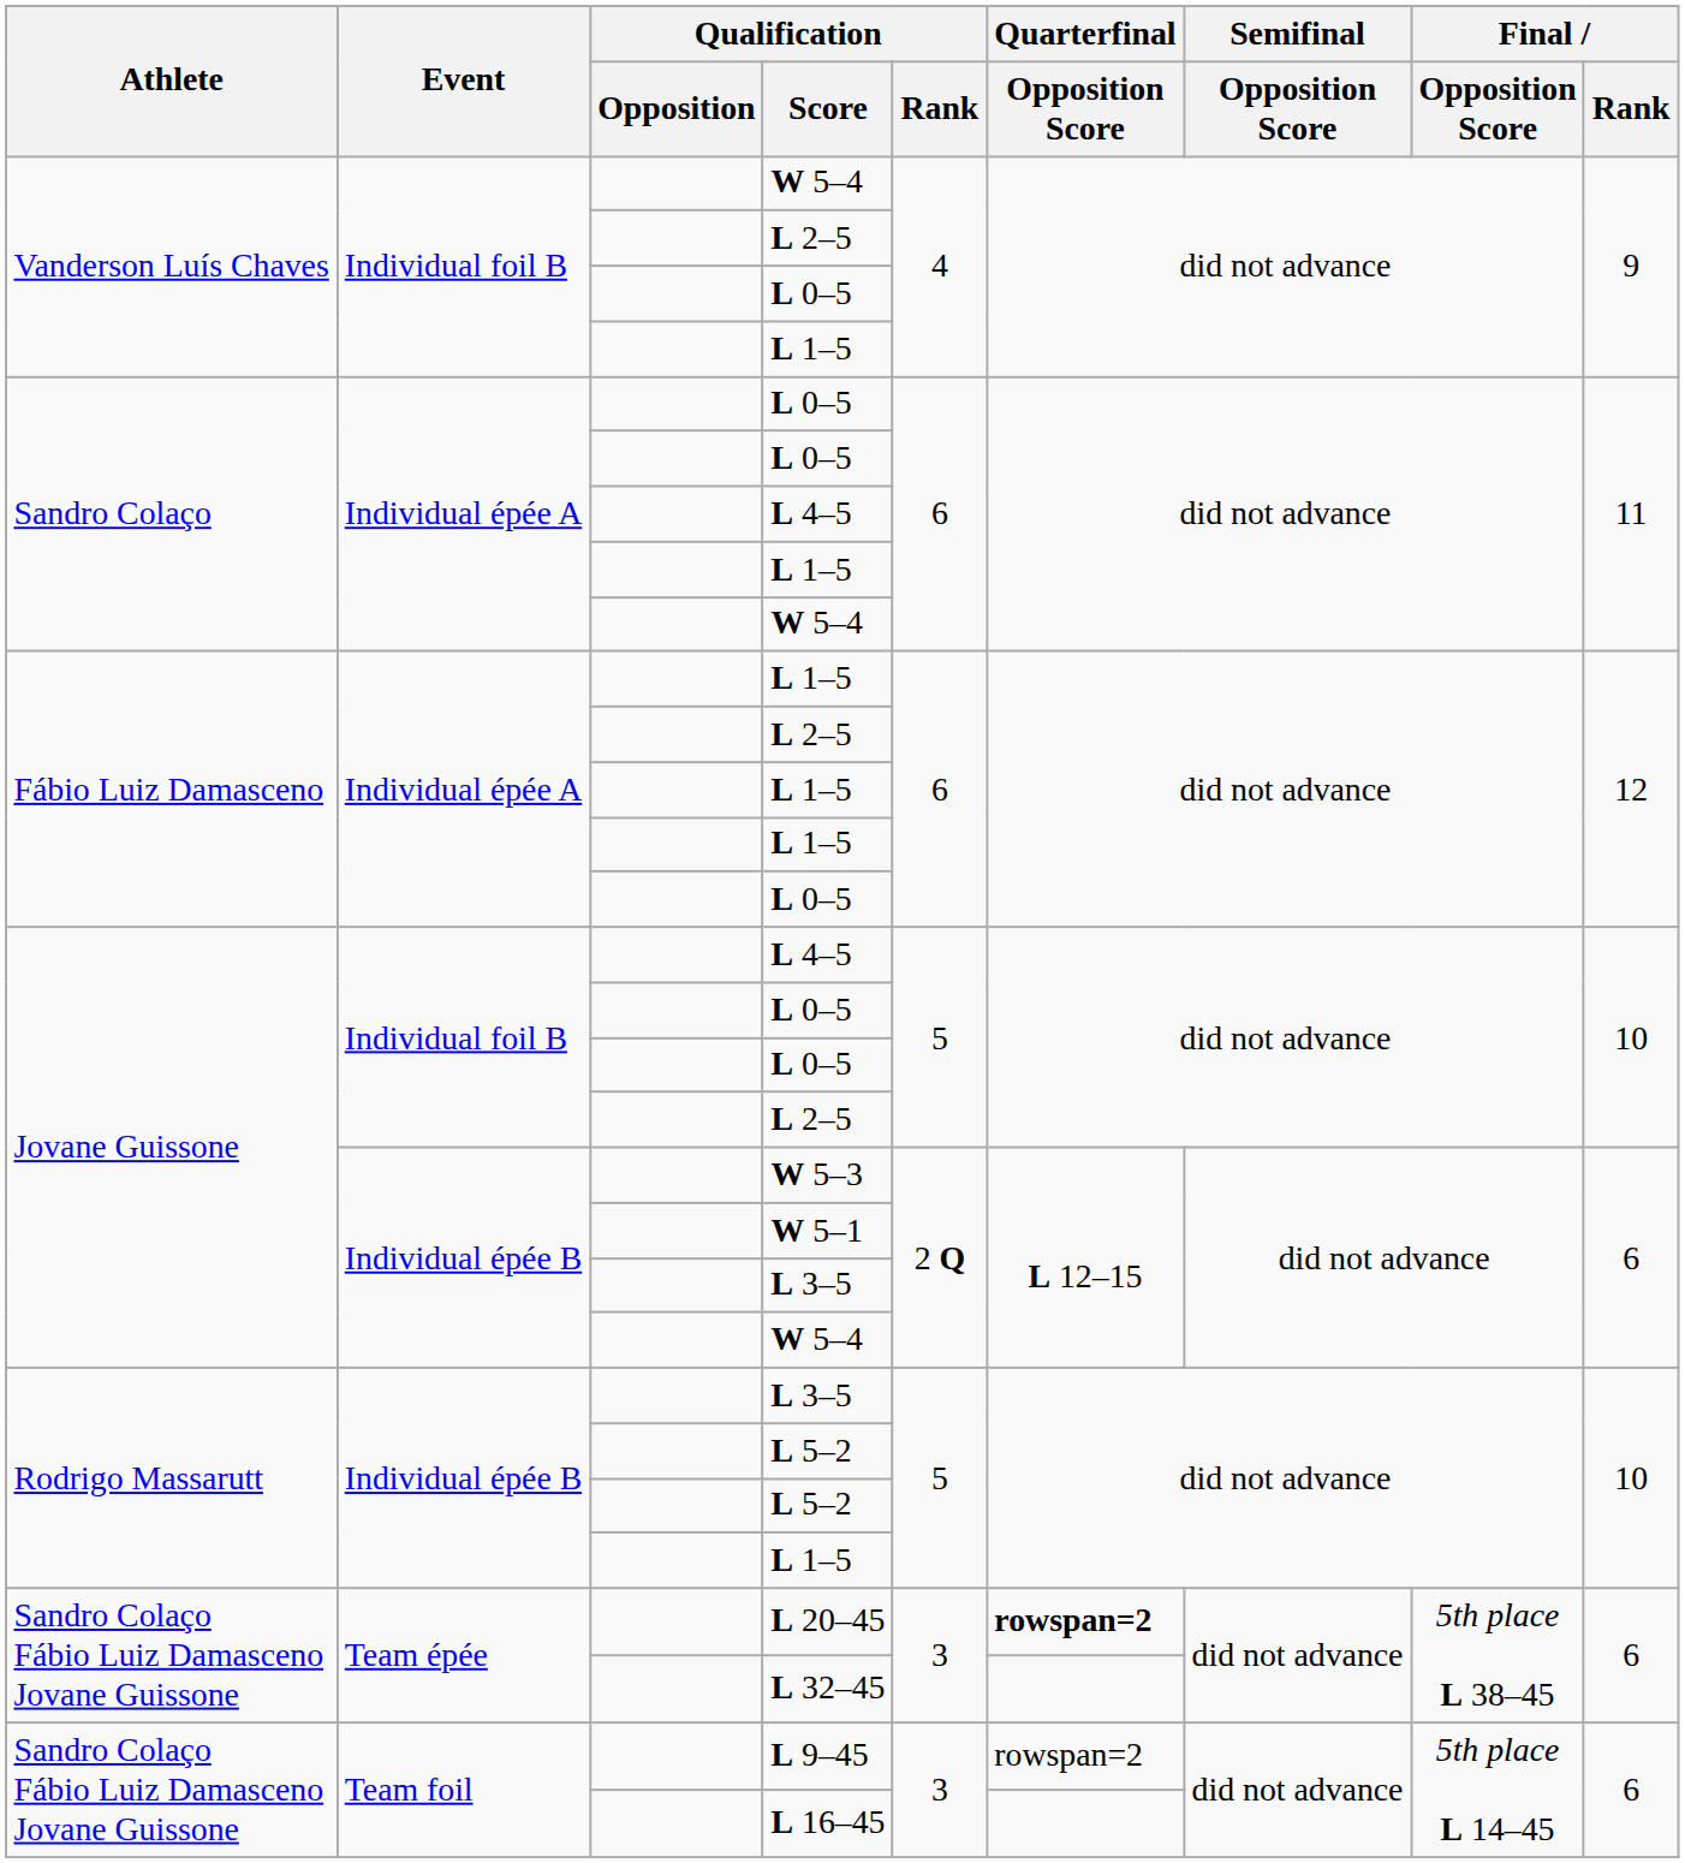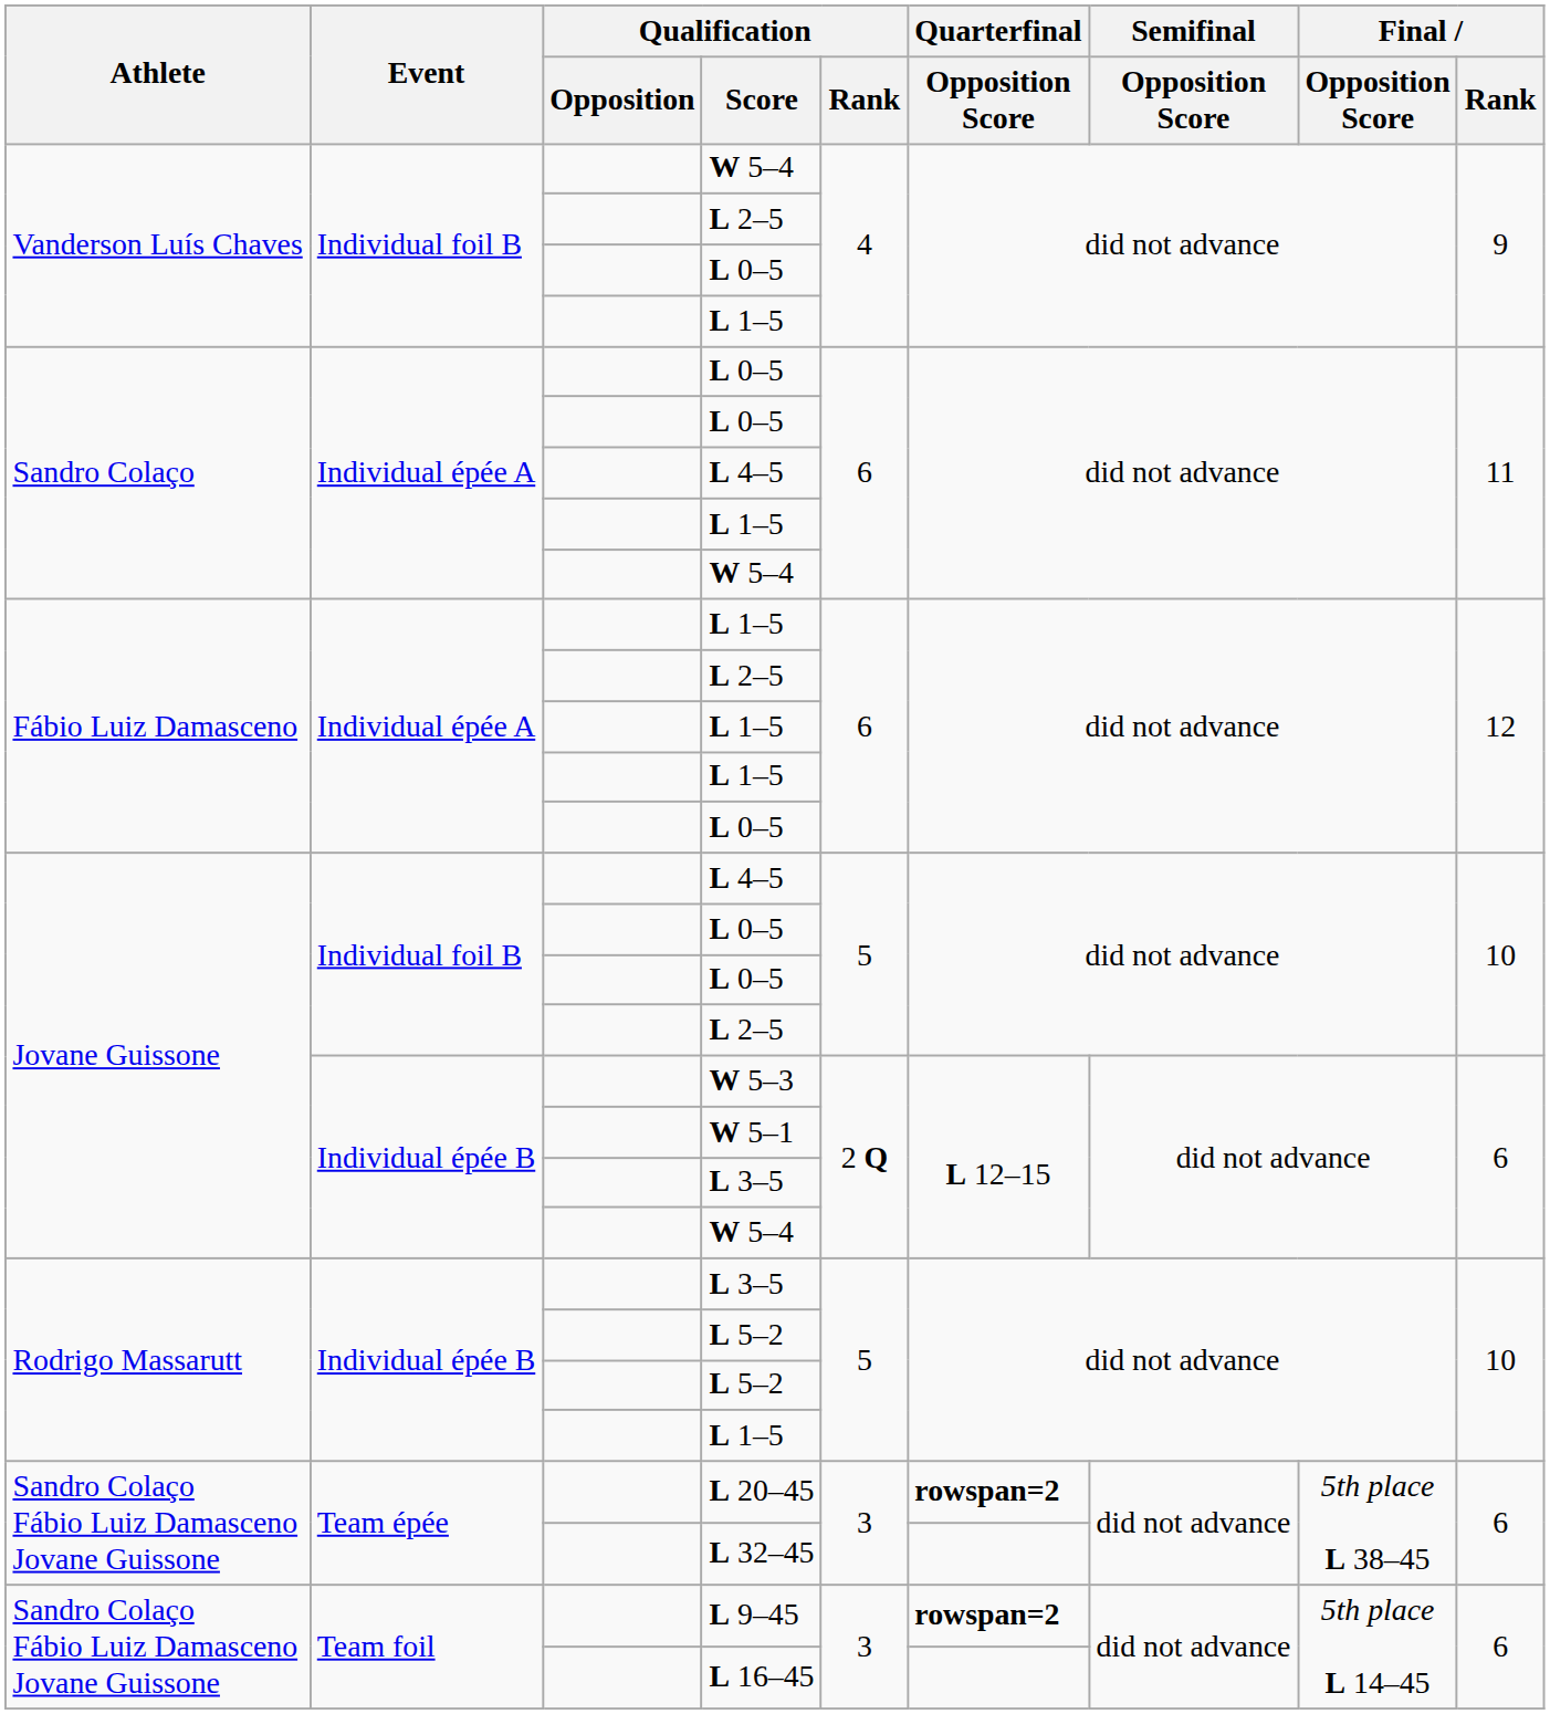 <table class=wikitable style="font-size:90%">
 <tr>
 <th rowspan="2">Athlete</th>
 <th rowspan="2">Event</th>
 <th colspan="3">Qualification</th>
 <th>Quarterfinal</th>
 <th>Semifinal</th>
 <th colspan="2">Final / </th>
 </tr>
 <tr>
 <th>Opposition</th>
 <th>Score</th>
 <th>Rank</th>
 <th>Opposition<br>Score</th>
 <th>Opposition<br>Score</th>
 <th>Opposition<br>Score</th>
 <th>Rank</th>
 </tr>
 <tr>
 <td rowspan=4><a href='#'>Vanderson Luís Chaves</a></td>
 <td rowspan=4><a href='#'>Individual foil B</a></td>
 <td></td>
 <td><strong>W</strong> 5–4</td>
 <td align="center" rowspan=4>4</td>
 <td align="center" rowspan=4 colspan=3>did not advance</td>
 <td align="center" rowspan=4>9</td>
 </tr>
 <tr>
 <td></td>
 <td><strong>L</strong> 2–5</td>
 </tr>
 <tr>
 <td></td>
 <td><strong>L</strong> 0–5</td>
 </tr>
 <tr>
 <td></td>
 <td><strong>L</strong> 1–5</td>
 </tr>
 <tr>
 <td rowspan=5><a href='#'>Sandro Colaço</a></td>
 <td rowspan=5><a href='#'>Individual épée A</a></td>
 <td></td>
 <td><strong>L</strong> 0–5</td>
 <td align="center" rowspan=5>6</td>
 <td align="center" rowspan=5 colspan=3>did not advance</td>
 <td align="center" rowspan=5>11</td>
 </tr>
 <tr>
 <td></td>
 <td><strong>L</strong> 0–5</td>
 </tr>
 <tr>
 <td></td>
 <td><strong>L</strong> 4–5</td>
 </tr>
 <tr>
 <td></td>
 <td><strong>L</strong> 1–5</td>
 </tr>
 <tr>
 <td></td>
 <td><strong>W</strong> 5–4</td>
 </tr>
 <tr>
 <td rowspan=5><a href='#'>Fábio Luiz Damasceno</a></td>
 <td rowspan=5><a href='#'>Individual épée A</a></td>
 <td></td>
 <td><strong>L</strong> 1–5</td>
 <td align="center" rowspan=5>6</td>
 <td align="center" rowspan=5 colspan=3>did not advance</td>
 <td align="center" rowspan=5>12</td>
 </tr>
 <tr>
 <td></td>
 <td><strong>L</strong> 2–5</td>
 </tr>
 <tr>
 <td></td>
 <td><strong>L</strong> 1–5</td>
 </tr>
 <tr>
 <td></td>
 <td><strong>L</strong> 1–5</td>
 </tr>
 <tr>
 <td></td>
 <td><strong>L</strong> 0–5</td>
 </tr>
 <tr>
 <td rowspan=8><a href='#'>Jovane Guissone</a></td>
 <td rowspan=4><a href='#'>Individual foil B</a></td>
 <td></td>
 <td><strong>L</strong> 4–5</td>
 <td align="center" rowspan=4>5</td>
 <td align="center" rowspan=4 colspan=3>did not advance</td>
 <td align="center" rowspan=4>10</td>
 </tr>
 <tr>
 <td></td>
 <td><strong>L</strong> 0–5</td>
 </tr>
 <tr>
 <td></td>
 <td><strong>L</strong> 0–5</td>
 </tr>
 <tr>
 <td></td>
 <td><strong>L</strong> 2–5</td>
 </tr>
 <tr>
 <td rowspan=4><a href='#'>Individual épée B</a></td>
 <td></td>
 <td><strong>W</strong> 5–3</td>
 <td align="center" rowspan=4>2 <strong>Q</strong></td>
 <td align="center" rowspan=4><br> <strong>L</strong> 12–15</td>
 <td align="center" rowspan=4 colspan=2>did not advance</td>
 <td align="center" rowspan=4>6</td>
 </tr>
 <tr>
 <td></td>
 <td><strong>W</strong> 5–1</td>
 </tr>
 <tr>
 <td></td>
 <td><strong>L</strong> 3–5</td>
 </tr>
 <tr>
 <td></td>
 <td><strong>W</strong> 5–4</td>
 </tr>
 <tr>
 <td rowspan=4><a href='#'>Rodrigo Massarutt</a></td>
 <td rowspan=4><a href='#'>Individual épée B</a></td>
 <td></td>
 <td><strong>L</strong> 3–5</td>
 <td align="center" rowspan=4>5</td>
 <td align="center" rowspan=4 colspan=3>did not advance</td>
 <td align="center" rowspan=4>10</td>
 </tr>
 <tr>
 <td></td>
 <td><strong>L</strong> 5–2</td>
 </tr>
 <tr>
 <td></td>
 <td><strong>L</strong> 5–2</td>
 </tr>
 <tr>
 <td></td>
 <td><strong>L</strong> 1–5</td>
 </tr>
 <tr>
 <td rowspan=2><a href='#'>Sandro Colaço</a><br><a href='#'>Fábio Luiz Damasceno</a><br><a href='#'>Jovane Guissone</a></td>
 <td rowspan=2><a href='#'>Team épée</a></td>
 <td></td>
 <td><strong>L</strong> 20–45</td>
 <td align="center" rowspan=2>3</td>
 <td><strong>rowspan=2 </strong></td>
 <td align="center" rowspan=2>did not advance</td>
 <td align="center" rowspan=2><em>5th place</em><br><br><strong>L</strong> 38–45</td>
 <td align="center" rowspan=2>6</td>
 </tr>
 <tr>
 <td></td>
 <td><strong>L</strong> 32–45</td>
 </tr>
 <tr>
 <td rowspan=2><a href='#'>Sandro Colaço</a><br><a href='#'>Fábio Luiz Damasceno</a><br><a href='#'>Jovane Guissone</a></td>
 <td rowspan=2><a href='#'>Team foil</a></td>
 <td></td>
 <td><strong>L</strong> 9–45</td>
 <td align="center" rowspan=2>3</td>
-<td>rowspan=2 </td>
+<td><strong>rowspan=2 </strong></td>
 <td align="center" rowspan=2>did not advance</td>
 <td align="center" rowspan=2><em>5th place</em><br><br><strong>L</strong> 14–45</td>
 <td align="center" rowspan=2>6</td>
 </tr>
 <tr>
 <td></td>
 <td><strong>L</strong> 16–45</td>
 </tr>
 </table>
